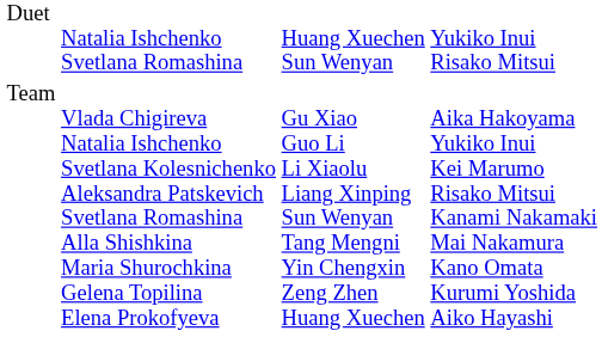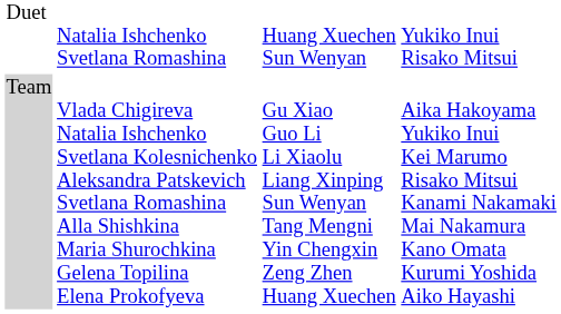 <table>
 <tr valign="top">
 <td>Duet<br></td>
 <td><br><a href='#'>Natalia Ishchenko</a><br> <a href='#'>Svetlana Romashina</a></td>
 <td><br><a href='#'>Huang Xuechen</a><br> <a href='#'>Sun Wenyan</a></td>
 <td><br><a href='#'>Yukiko Inui</a><br> <a href='#'>Risako Mitsui</a></td>
 </tr>
 <tr valign="top">
-<td>Team<br></td>
+<td style="background: lightgrey;">Team<br></td>
 <td><br><a href='#'>Vlada Chigireva</a><br><a href='#'>Natalia Ishchenko</a><br><a href='#'>Svetlana Kolesnichenko</a><br><a href='#'>Aleksandra Patskevich</a><br><a href='#'>Svetlana Romashina</a><br><a href='#'>Alla Shishkina</a><br><a href='#'>Maria Shurochkina</a><br><a href='#'>Gelena Topilina</a><br><a href='#'>Elena Prokofyeva</a></td>
 <td><br><a href='#'>Gu Xiao</a><br><a href='#'>Guo Li</a><br><a href='#'>Li Xiaolu</a><br><a href='#'>Liang Xinping</a><br><a href='#'>Sun Wenyan</a><br><a href='#'>Tang Mengni</a><br><a href='#'>Yin Chengxin</a><br><a href='#'>Zeng Zhen</a><br><a href='#'>Huang Xuechen</a></td>
 <td><br><a href='#'>Aika Hakoyama</a><br><a href='#'>Yukiko Inui</a><br><a href='#'>Kei Marumo</a><br><a href='#'>Risako Mitsui</a><br><a href='#'>Kanami Nakamaki</a><br><a href='#'>Mai Nakamura</a><br><a href='#'>Kano Omata</a><br><a href='#'>Kurumi Yoshida</a><br><a href='#'>Aiko Hayashi</a></td>
 </tr>
 </table>
